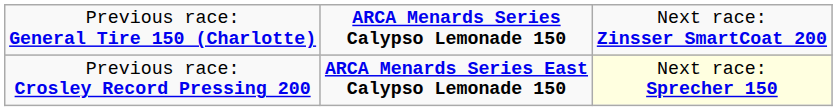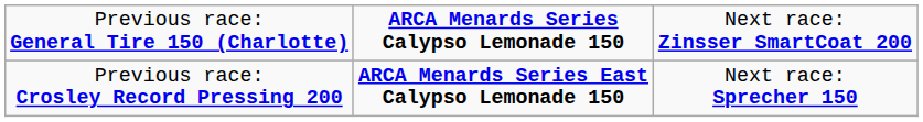 <table class="wikitable" style="font-size: 95%;">
 <tr>
 <td style="text-align:center;">Previous race: <br> <strong><a href='#'>General Tire 150 (Charlotte)</a></strong></td>
 <td style="text-align:center;"><strong><a href='#'>ARCA Menards Series</a> <br> Calypso Lemonade 150</strong></td>
 <td style="text-align:center;">Next race: <br> <strong><a href='#'>Zinsser SmartCoat 200</a></strong></td>
 </tr>
 <tr>
 <td style="text-align:center;">Previous race: <br> <strong><a href='#'>Crosley Record Pressing 200</a></strong></td>
 <td style="text-align:center;"><strong><a href='#'>ARCA Menards Series East</a> <br> Calypso Lemonade 150</strong></td>
-<td style="background: lightyellow; text-align:center;">Next race: <br> <strong><a href='#'>Sprecher 150</a></strong></td>
+<td style="text-align:center;">Next race: <br> <strong><a href='#'>Sprecher 150</a></strong></td>
 </tr>
 </table>
